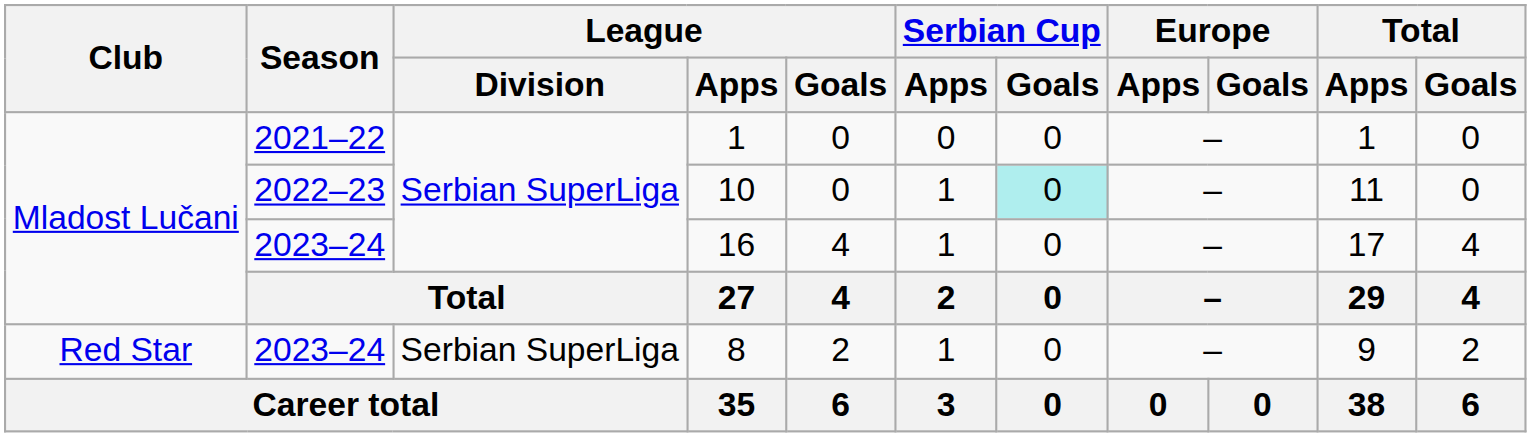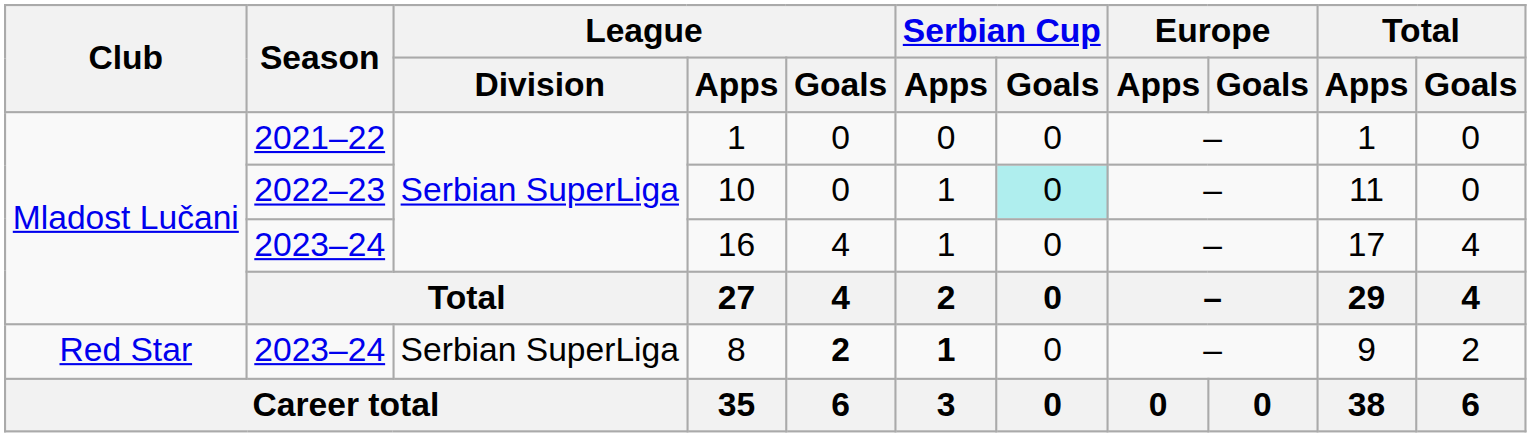 <table class="wikitable" style="text-align:center">
 <tr>
 <th rowspan="2">Club</th>
 <th rowspan="2">Season</th>
 <th colspan="3">League</th>
 <th colspan="2"><a href='#'>Serbian Cup</a></th>
 <th colspan="2">Europe</th>
 <th colspan="2">Total</th>
 </tr>
 <tr>
 <th>Division</th>
 <th>Apps</th>
 <th>Goals</th>
 <th>Apps</th>
 <th>Goals</th>
 <th>Apps</th>
 <th>Goals</th>
 <th>Apps</th>
 <th>Goals</th>
 </tr>
 <tr>
 <td rowspan="4"><a href='#'>Mladost Lučani</a></td>
 <td><a href='#'>2021–22</a></td>
 <td rowspan="3"><a href='#'>Serbian SuperLiga</a></td>
 <td>1</td>
 <td>0</td>
 <td>0</td>
 <td>0</td>
 <td colspan="2">–</td>
 <td>1</td>
 <td>0</td>
 </tr>
 <tr>
 <td><a href='#'>2022–23</a></td>
 <td>10</td>
 <td>0</td>
 <td>1</td>
 <td style="background: paleturquoise;">0</td>
 <td colspan="2">–</td>
 <td>11</td>
 <td>0</td>
 </tr>
 <tr>
 <td><a href='#'>2023–24</a></td>
 <td>16</td>
 <td>4</td>
 <td>1</td>
 <td>0</td>
 <td colspan="2">–</td>
 <td>17</td>
 <td>4</td>
 </tr>
 <tr>
 <th colspan="2">Total</th>
 <th>27</th>
 <th>4</th>
 <th>2</th>
 <th>0</th>
 <th colspan="2">–</th>
 <th>29</th>
 <th>4</th>
 </tr>
 <tr>
 <td><a href='#'>Red Star</a></td>
 <td><a href='#'>2023–24</a></td>
 <td>Serbian SuperLiga</td>
 <td>8</td>
-<td>2</td>
-<td>1</td>
+<td><strong>2</strong></td>
+<td><strong>1</strong></td>
 <td>0</td>
 <td colspan="2">–</td>
 <td>9</td>
 <td>2</td>
 </tr>
 <tr>
 <th colspan="3">Career total</th>
 <th>35</th>
 <th>6</th>
 <th>3</th>
 <th>0</th>
 <th>0</th>
 <th>0</th>
 <th>38</th>
 <th>6</th>
 </tr>
 </table>
